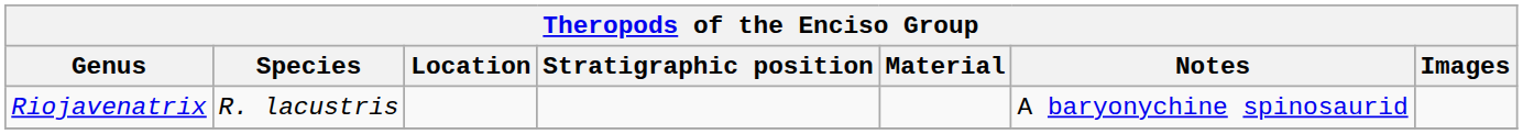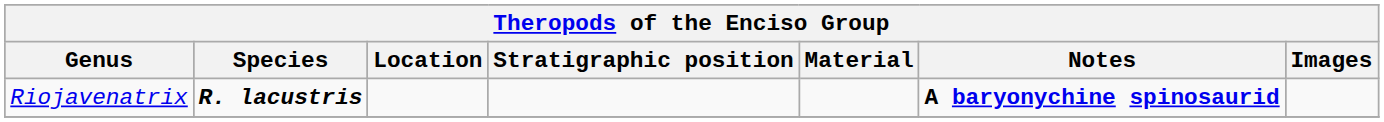 <table class="wikitable" align="center">
 <tr>
 <th colspan="7" align="center"><a href='#'>Theropods</a> of the Enciso Group</th>
 </tr>
 <tr>
 <th>Genus</th>
 <th>Species</th>
 <th>Location</th>
 <th>Stratigraphic position</th>
 <th>Material</th>
 <th>Notes</th>
 <th>Images</th>
 </tr>
 <tr>
 <td><em><a href='#'>Riojavenatrix</a></em></td>
-<td><em>R. lacustris</em></td>
+<td><strong><em>R. lacustris</em></strong></td>
 <td></td>
 <td></td>
 <td></td>
-<td>A <a href='#'>baryonychine</a> <a href='#'>spinosaurid</a></td>
+<td><strong>A <a href='#'>baryonychine</a> <a href='#'>spinosaurid</a></strong></td>
 <td></td>
 </tr>
 <tr>
 </tr>
 </table>
